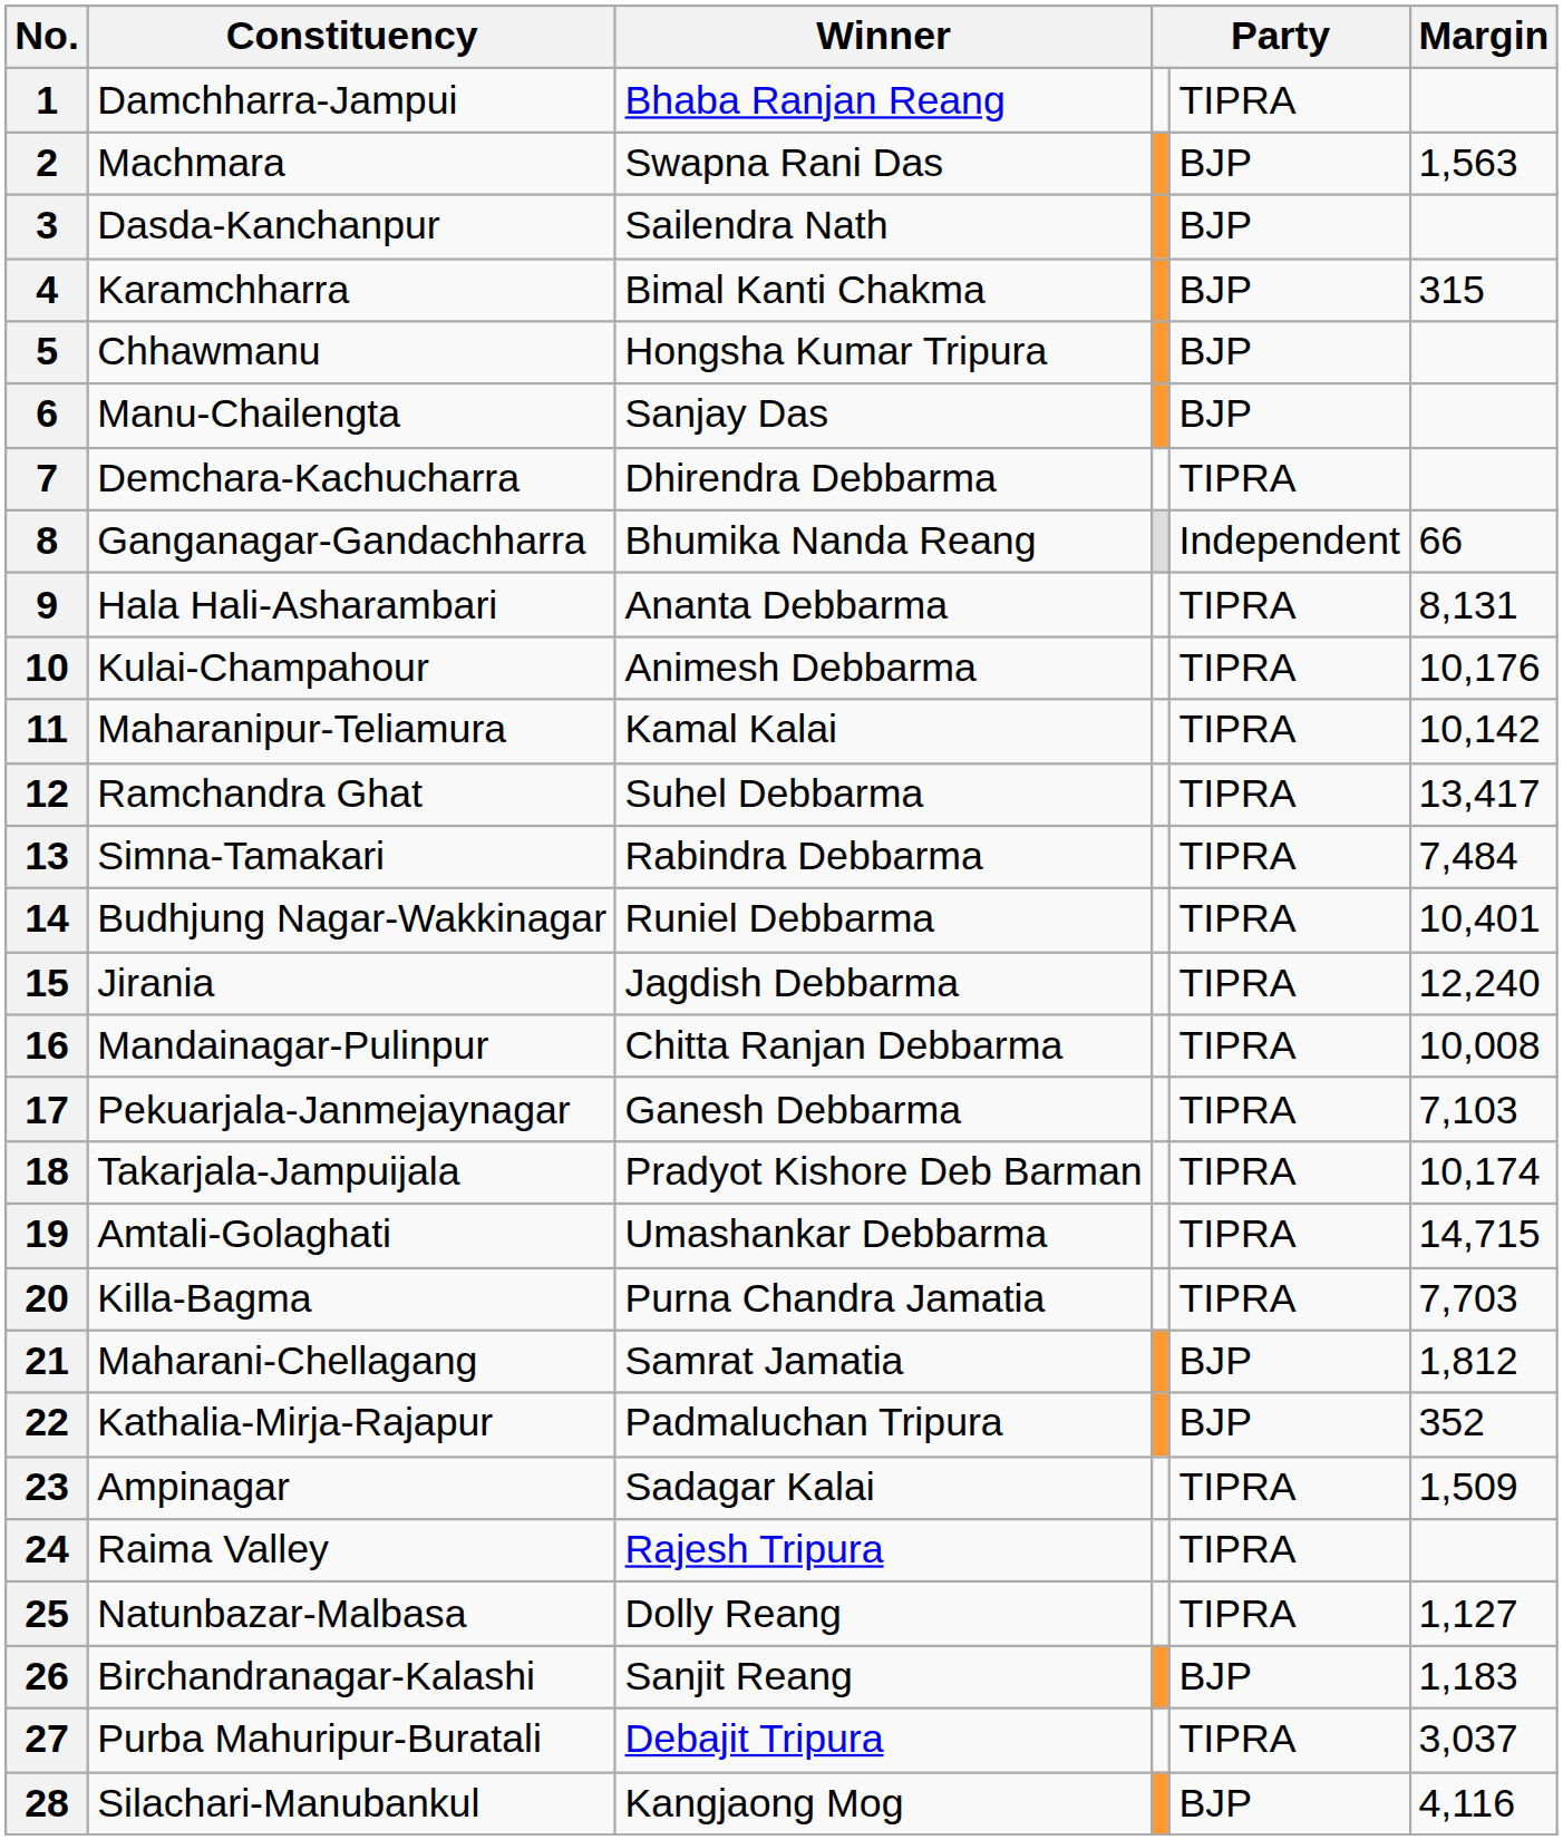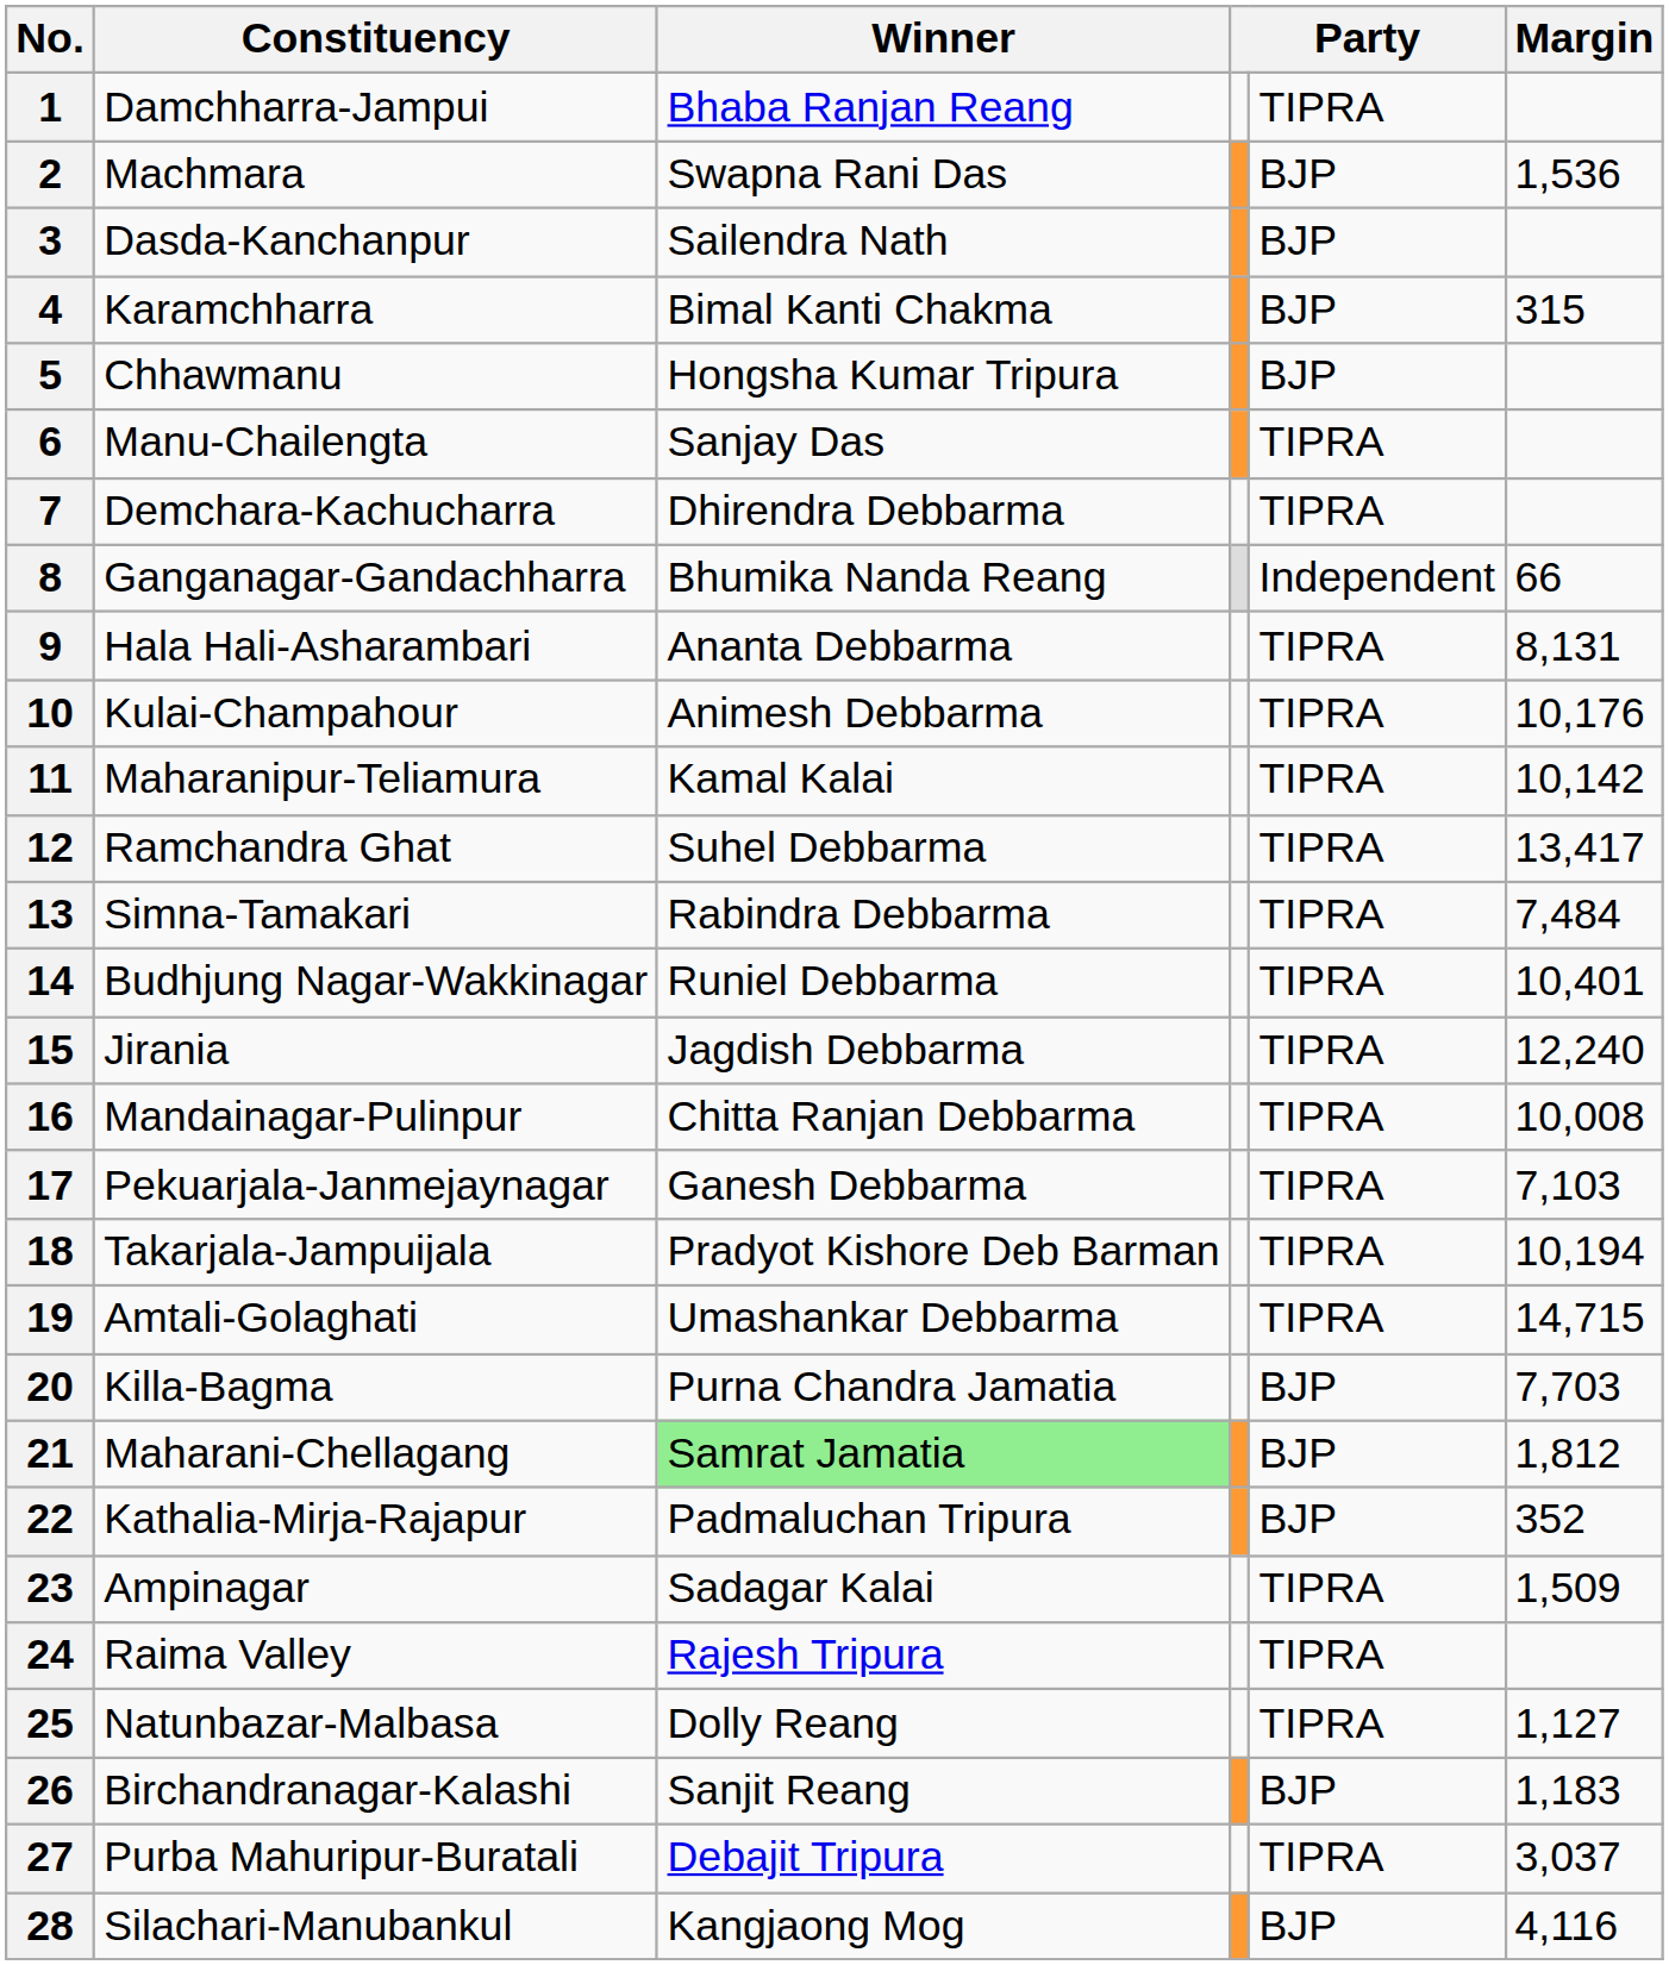 <table class="wikitable sortable">
 <tr>
 <th>No.</th>
 <th>Constituency</th>
 <th>Winner</th>
 <th colspan="2">Party</th>
 <th>Margin</th>
 </tr>
 <tr>
 <th>1</th>
 <td>Damchharra-Jampui</td>
 <td><a href='#'>Bhaba Ranjan Reang</a></td>
 <td style="background-color:"></td>
 <td>TIPRA</td>
 <td></td>
 </tr>
 <tr>
 <th>2</th>
 <td>Machmara</td>
 <td>Swapna Rani Das</td>
 <td bgcolor=#FF9933></td>
 <td>BJP</td>
-<td>1,563</td>
+<td>1,536</td>
 </tr>
 <tr>
 <th>3</th>
 <td>Dasda-Kanchanpur</td>
 <td>Sailendra Nath</td>
 <td bgcolor=#FF9933></td>
 <td>BJP</td>
 <td></td>
 </tr>
 <tr>
 <th>4</th>
 <td>Karamchharra</td>
 <td>Bimal Kanti Chakma</td>
 <td bgcolor=#FF9933></td>
 <td>BJP</td>
 <td>315</td>
 </tr>
 <tr>
 <th>5</th>
 <td>Chhawmanu</td>
 <td>Hongsha Kumar Tripura</td>
 <td bgcolor=#FF9933></td>
 <td>BJP</td>
 <td></td>
 </tr>
 <tr>
 <th>6</th>
 <td>Manu-Chailengta</td>
 <td>Sanjay Das</td>
 <td bgcolor=#FF9933></td>
-<td>BJP</td>
+<td>TIPRA</td>
 <td></td>
 </tr>
 <tr>
 <th>7</th>
 <td>Demchara-Kachucharra</td>
 <td>Dhirendra Debbarma</td>
 <td style="background-color:"></td>
 <td>TIPRA</td>
 <td></td>
 </tr>
 <tr>
 <th>8</th>
 <td>Ganganagar-Gandachharra</td>
 <td>Bhumika Nanda Reang</td>
 <td bgcolor=#DDDDDD></td>
 <td>Independent</td>
 <td>66</td>
 </tr>
 <tr>
 <th>9</th>
 <td>Hala Hali-Asharambari</td>
 <td>Ananta Debbarma</td>
 <td style="background-color:"></td>
 <td>TIPRA</td>
 <td>8,131</td>
 </tr>
 <tr>
 <th>10</th>
 <td>Kulai-Champahour</td>
 <td>Animesh Debbarma</td>
 <td style="background-color:"></td>
 <td>TIPRA</td>
 <td>10,176</td>
 </tr>
 <tr>
 <th>11</th>
 <td>Maharanipur-Teliamura</td>
 <td>Kamal Kalai</td>
 <td style="background-color:"></td>
 <td>TIPRA</td>
 <td>10,142</td>
 </tr>
 <tr>
 <th>12</th>
 <td>Ramchandra Ghat</td>
 <td>Suhel Debbarma</td>
 <td style="background-color:"></td>
 <td>TIPRA</td>
 <td>13,417</td>
 </tr>
 <tr>
 <th>13</th>
 <td>Simna-Tamakari</td>
 <td>Rabindra Debbarma</td>
 <td style="background-color:"></td>
 <td>TIPRA</td>
 <td>7,484</td>
 </tr>
 <tr>
 <th>14</th>
 <td>Budhjung Nagar-Wakkinagar</td>
 <td>Runiel Debbarma</td>
 <td style="background-color:"></td>
 <td>TIPRA</td>
 <td>10,401</td>
 </tr>
 <tr>
 <th>15</th>
 <td>Jirania</td>
 <td>Jagdish Debbarma</td>
 <td style="background-color: "></td>
 <td>TIPRA</td>
 <td>12,240</td>
 </tr>
 <tr>
 <th>16</th>
 <td>Mandainagar-Pulinpur</td>
 <td>Chitta Ranjan Debbarma</td>
 <td style="background-color:"></td>
 <td>TIPRA</td>
 <td>10,008</td>
 </tr>
 <tr>
 <th>17</th>
 <td>Pekuarjala-Janmejaynagar</td>
 <td>Ganesh Debbarma</td>
 <td style="background-color:"></td>
 <td>TIPRA</td>
 <td>7,103</td>
 </tr>
 <tr>
 <th>18</th>
 <td>Takarjala-Jampuijala</td>
 <td>Pradyot Kishore Deb Barman</td>
 <td style="background-color:"></td>
 <td>TIPRA</td>
-<td>10,174</td>
+<td>10,194</td>
 </tr>
 <tr>
 <th>19</th>
 <td>Amtali-Golaghati</td>
 <td>Umashankar Debbarma</td>
 <td style="background-color: "></td>
 <td>TIPRA</td>
 <td>14,715</td>
 </tr>
 <tr>
 <th>20</th>
 <td>Killa-Bagma</td>
 <td>Purna Chandra Jamatia</td>
 <td style="background-color:"></td>
-<td>TIPRA</td>
+<td>BJP</td>
 <td>7,703</td>
 </tr>
 <tr>
 <th>21</th>
 <td>Maharani-Chellagang</td>
-<td>Samrat Jamatia</td>
+<td style="background: lightgreen;">Samrat Jamatia</td>
 <td bgcolor=#FF9933></td>
 <td>BJP</td>
 <td>1,812</td>
 </tr>
 <tr>
 <th>22</th>
 <td>Kathalia-Mirja-Rajapur</td>
 <td>Padmaluchan Tripura</td>
 <td bgcolor=#FF9933></td>
 <td>BJP</td>
 <td>352</td>
 </tr>
 <tr>
 <th>23</th>
 <td>Ampinagar</td>
 <td>Sadagar Kalai</td>
 <td style="background-color:"></td>
 <td>TIPRA</td>
 <td>1,509</td>
 </tr>
 <tr>
 <th>24</th>
 <td>Raima Valley</td>
 <td><a href='#'>Rajesh Tripura</a></td>
 <td style="background-color:"></td>
 <td>TIPRA</td>
 <td></td>
 </tr>
 <tr>
 <th>25</th>
 <td>Natunbazar-Malbasa</td>
 <td>Dolly Reang</td>
 <td style="background-color:"></td>
 <td>TIPRA</td>
 <td>1,127</td>
 </tr>
 <tr>
 <th>26</th>
 <td>Birchandranagar-Kalashi</td>
 <td>Sanjit Reang</td>
 <td bgcolor=#FF9933></td>
 <td>BJP</td>
 <td>1,183</td>
 </tr>
 <tr>
 <th>27</th>
 <td>Purba Mahuripur-Buratali</td>
 <td><a href='#'>Debajit Tripura</a></td>
 <td style="background-color:"></td>
 <td>TIPRA</td>
 <td>3,037</td>
 </tr>
 <tr>
 <th>28</th>
 <td>Silachari-Manubankul</td>
 <td>Kangjaong Mog</td>
 <td bgcolor=#FF9933></td>
 <td>BJP</td>
 <td>4,116</td>
 </tr>
 <tr>
 </tr>
 </table>
